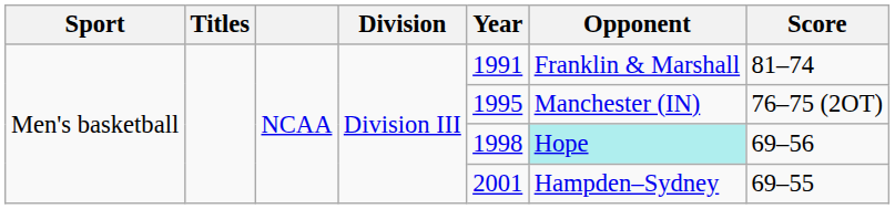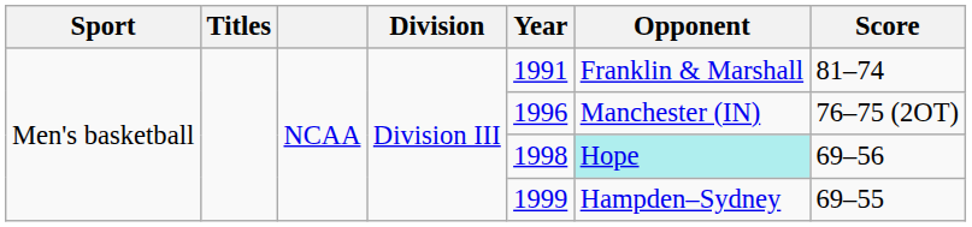 <table class="wikitable">
 <tr>
 <th>Sport</th>
 <th>Titles</th>
 <th></th>
 <th>Division</th>
 <th>Year</th>
 <th>Opponent</th>
 <th>Score</th>
 </tr>
 <tr>
 <td rowspan="4">Men's basketball</td>
 <td rowspan= 4></td>
 <td rowspan="4"><a href='#'>NCAA</a></td>
 <td rowspan="4"><a href='#'>Division III</a></td>
 <td><a href='#'>1991</a></td>
 <td><a href='#'>Franklin & Marshall</a></td>
 <td>81–74</td>
 </tr>
 <tr>
-<td><a href='#'>1995</a></td>
+<td><a href='#'>1996</a></td>
 <td><a href='#'>Manchester (IN)</a></td>
 <td>76–75 (2OT)</td>
 </tr>
 <tr>
 <td><a href='#'>1998</a></td>
 <td style="background: paleturquoise;"><a href='#'>Hope</a></td>
 <td>69–56</td>
 </tr>
 <tr>
-<td><a href='#'>2001</a></td>
+<td><a href='#'>1999</a></td>
 <td><a href='#'>Hampden–Sydney</a></td>
 <td>69–55</td>
 </tr>
 </table>
